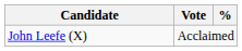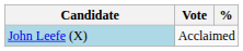 <table class="wikitable">
 <tr>
 <th bgcolor="#DDDDFF" width="200px">Candidate</th>
 <th bgcolor="#DDDDFF">Vote</th>
 <th bgcolor="#DDDDFF">%</th>
 </tr>
 <tr>
-<td><a href='#'>John Leefe</a> (X)</td>
+<td style="background: lightblue;"><a href='#'>John Leefe</a> (X)</td>
 <td colspan="2">Acclaimed</td>
 </tr>
 </table>
